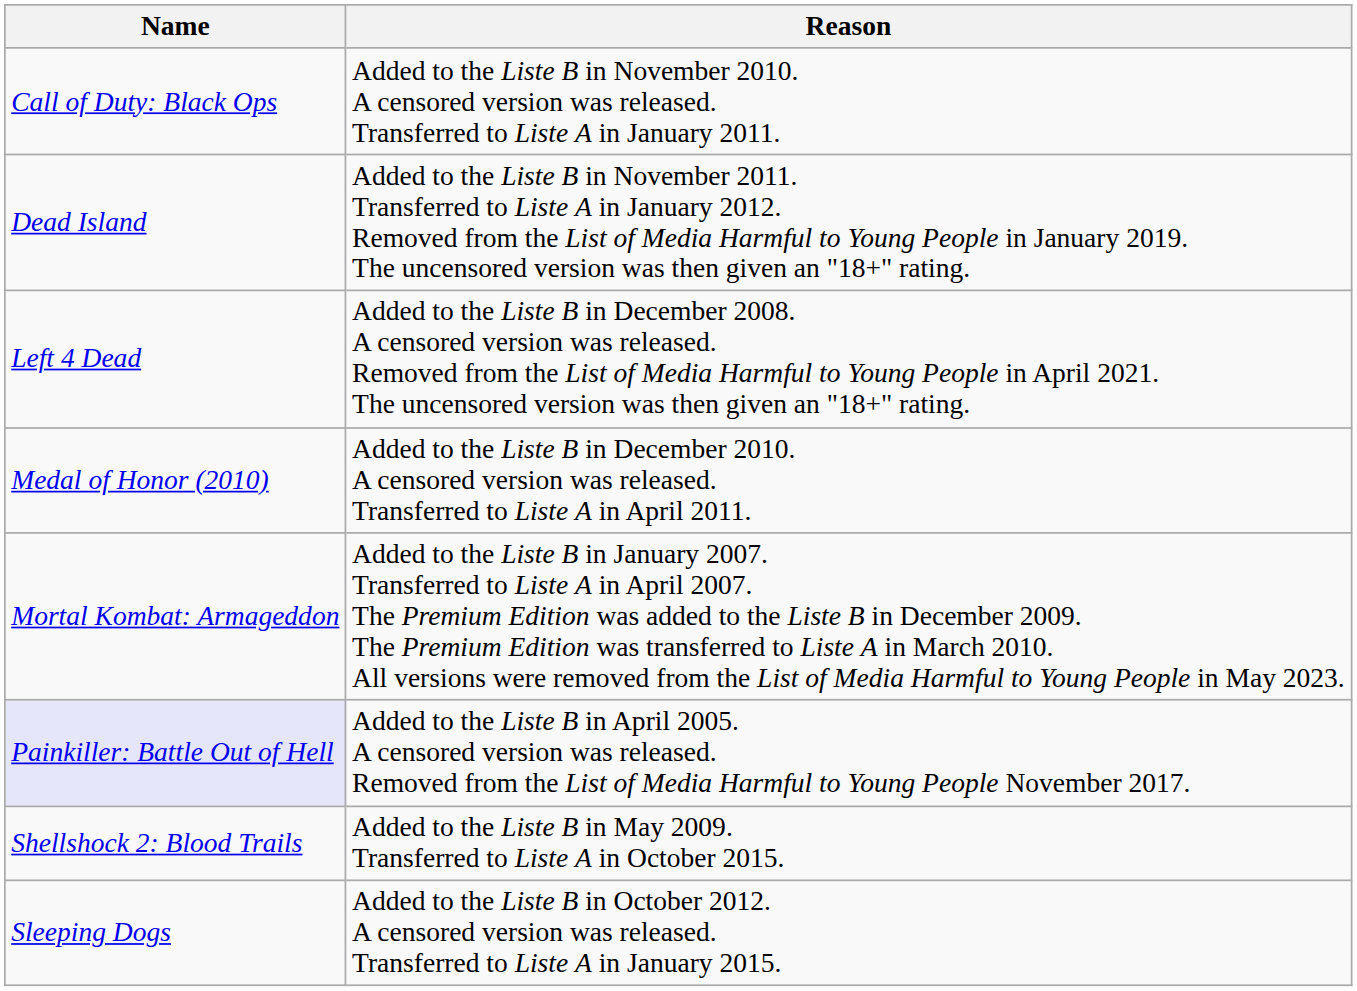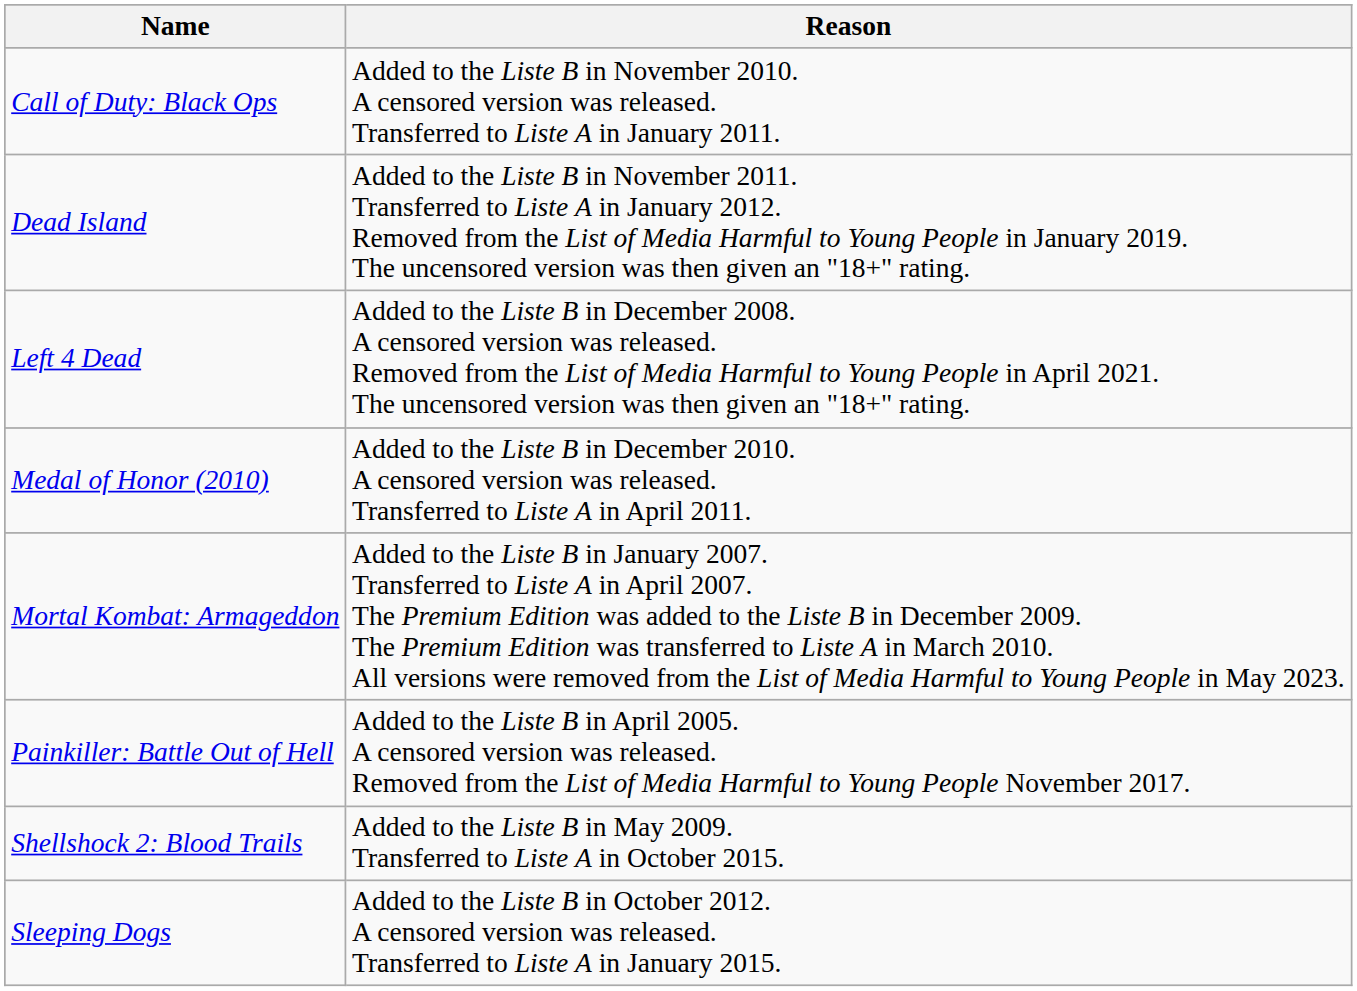 <table class="wikitable">
 <tr>
 <th>Name</th>
 <th>Reason</th>
 </tr>
 <tr>
 <td><em><a href='#'>Call of Duty: Black Ops</a></em></td>
 <td>Added to the <em>Liste B</em> in November 2010.<br>A censored version was released.<br>Transferred to <em>Liste A</em> in January 2011.</td>
 </tr>
 <tr>
 <td><em><a href='#'>Dead Island</a></em></td>
 <td>Added to the <em>Liste B</em> in November 2011.<br>Transferred to <em>Liste A</em> in January 2012.<br>Removed from the <em>List of Media Harmful to Young People</em> in January 2019.<br>The uncensored version was then given an "18+" rating.</td>
 </tr>
 <tr>
 <td><em><a href='#'>Left 4 Dead</a></em></td>
 <td>Added to the <em>Liste B</em> in December 2008.<br>A censored version was released.<br>Removed from the <em>List of Media Harmful to Young People</em> in April 2021.<br>The uncensored version was then given an "18+" rating.</td>
 </tr>
 <tr>
 <td><em><a href='#'>Medal of Honor (2010)</a></em></td>
 <td>Added to the <em>Liste B</em> in December 2010.<br>A censored version was released.<br>Transferred to <em>Liste A</em> in April 2011.</td>
 </tr>
 <tr>
 <td><em><a href='#'>Mortal Kombat: Armageddon</a></em></td>
 <td>Added to the <em>Liste B</em> in January 2007.<br>Transferred to <em>Liste A</em> in April 2007.<br>The <em>Premium Edition</em> was added to the <em>Liste B</em> in December 2009.<br>The <em>Premium Edition</em> was transferred to <em>Liste A</em> in March 2010.<br>All versions were removed from the <em>List of Media Harmful to Young People</em> in May 2023.</td>
 </tr>
 <tr>
-<td style="background: lavender;"><em><a href='#'>Painkiller: Battle Out of Hell</a></em></td>
+<td><em><a href='#'>Painkiller: Battle Out of Hell</a></em></td>
 <td>Added to the <em>Liste B</em> in April 2005.<br>A censored version was released.<br>Removed from the <em>List of Media Harmful to Young People</em> November 2017.</td>
 </tr>
 <tr>
 <td><em><a href='#'>Shellshock 2: Blood Trails</a></em></td>
 <td>Added to the <em>Liste B</em> in May 2009.<br>Transferred to <em>Liste A</em> in October 2015.</td>
 </tr>
 <tr>
 <td><em><a href='#'>Sleeping Dogs</a></em></td>
 <td>Added to the <em>Liste B</em> in October 2012.<br>A censored version was released.<br>Transferred to <em>Liste A</em> in January 2015.</td>
 </tr>
 </table>
